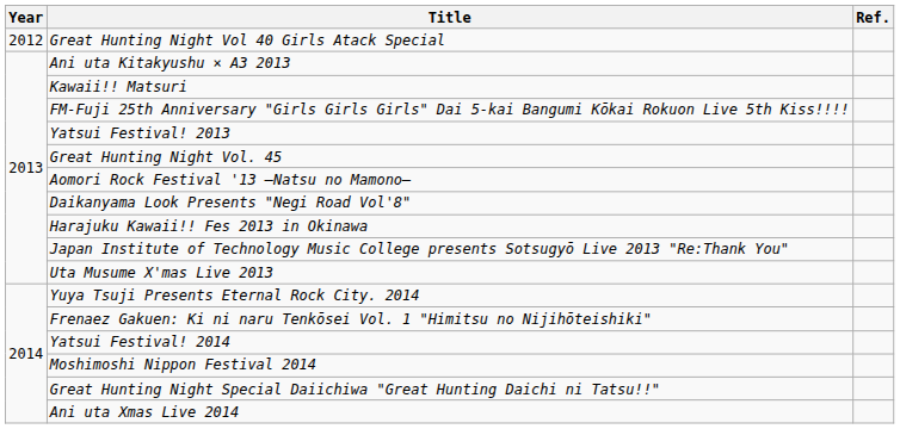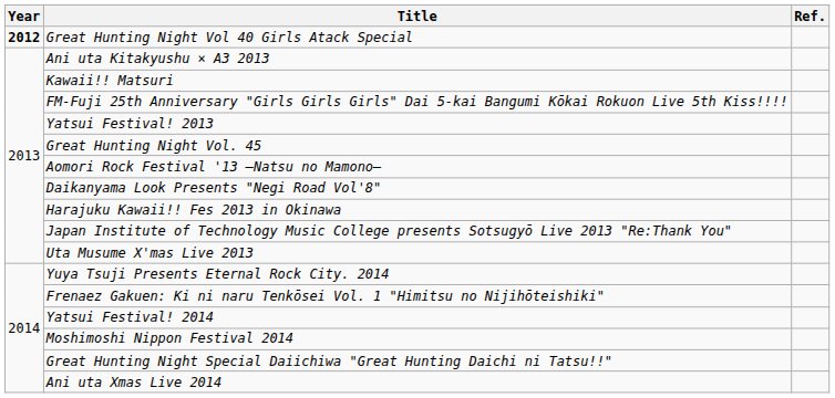 <table class="wikitable">
 <tr>
 <th>Year</th>
 <th>Title</th>
 <th>Ref.</th>
 </tr>
 <tr>
-<td>2012</td>
+<td><strong>2012</strong></td>
 <td><em>Great Hunting Night Vol 40 Girls Atack Special</em></td>
 <td></td>
 </tr>
 <tr>
 <td rowspan="10">2013</td>
 <td><em>Ani uta Kitakyushu × A3 2013</em></td>
 <td></td>
 </tr>
 <tr>
 <td><em>Kawaii!! Matsuri</em></td>
 <td></td>
 </tr>
 <tr>
 <td><em>FM-Fuji 25th Anniversary "Girls Girls Girls" Dai 5-kai Bangumi Kōkai Rokuon Live 5th Kiss!!!!</em></td>
 <td></td>
 </tr>
 <tr>
 <td><em>Yatsui Festival! 2013</em></td>
 <td></td>
 </tr>
 <tr>
 <td><em>Great Hunting Night Vol. 45</em></td>
 <td></td>
 </tr>
 <tr>
 <td><em>Aomori Rock Festival '13 –Natsu no Mamono–</em></td>
 <td></td>
 </tr>
 <tr>
 <td><em>Daikanyama Look Presents "Negi Road Vol'8"</em></td>
 <td></td>
 </tr>
 <tr>
 <td><em>Harajuku Kawaii!! Fes 2013 in Okinawa</em></td>
 <td></td>
 </tr>
 <tr>
 <td><em>Japan Institute of Technology Music College presents Sotsugyō Live 2013 "Re:Thank You"</em></td>
 <td></td>
 </tr>
 <tr>
 <td><em>Uta Musume X'mas Live 2013</em></td>
 <td></td>
 </tr>
 <tr>
 <td rowspan="6">2014</td>
 <td><em>Yuya Tsuji Presents Eternal Rock City. 2014</em></td>
 <td></td>
 </tr>
 <tr>
 <td><em>Frenaez Gakuen: Ki ni naru Tenkōsei Vol. 1 "Himitsu no Nijihōteishiki"</em></td>
 <td></td>
 </tr>
 <tr>
 <td><em>Yatsui Festival! 2014</em></td>
 <td></td>
 </tr>
 <tr>
 <td><em>Moshimoshi Nippon Festival 2014</em></td>
 <td></td>
 </tr>
 <tr>
 <td><em>Great Hunting Night Special Daiichiwa "Great Hunting Daichi ni Tatsu!!"</em></td>
 <td></td>
 </tr>
 <tr>
 <td><em>Ani uta Xmas Live 2014</em></td>
 <td></td>
 </tr>
 </table>
